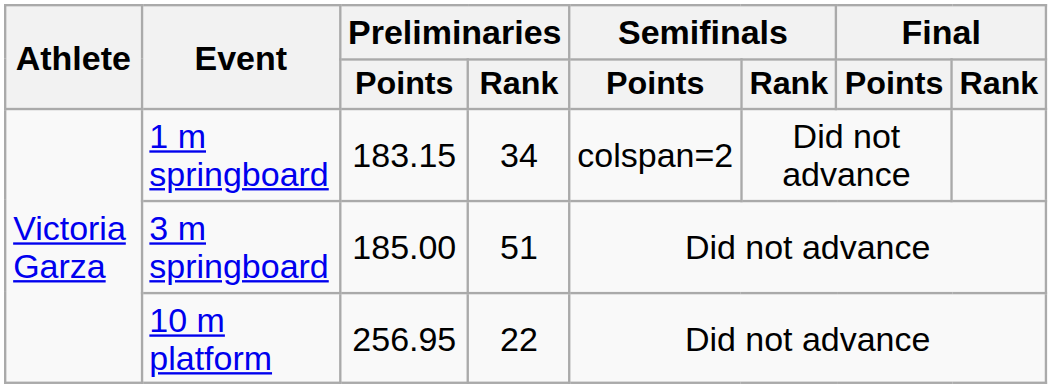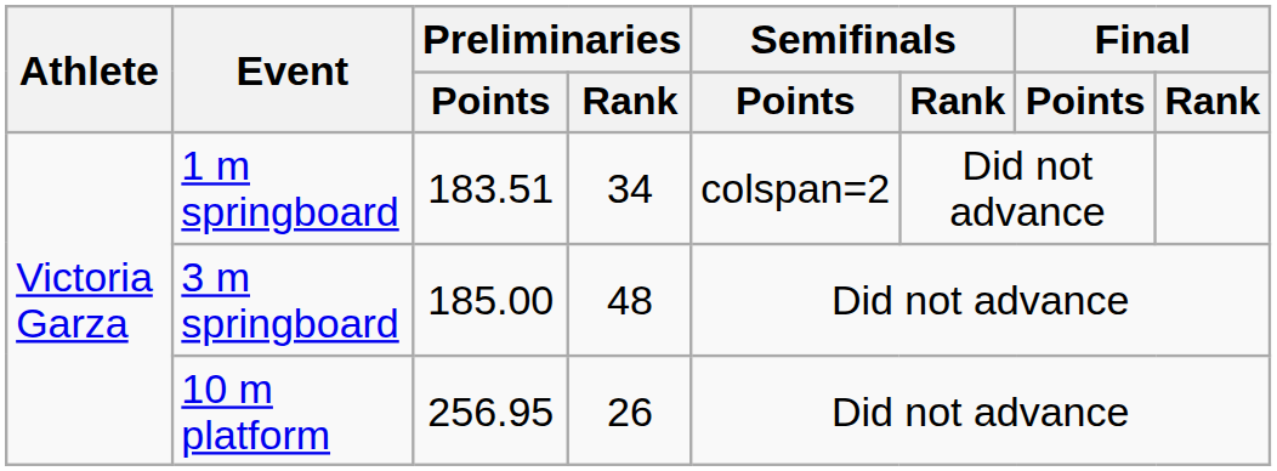 <table class="wikitable" style="text-align:center; font-size:90%; width:50%;">
 <tr>
 <th rowspan=2>Athlete</th>
 <th rowspan=2>Event</th>
 <th colspan=2>Preliminaries</th>
 <th colspan=2>Semifinals</th>
 <th colspan=2>Final</th>
 </tr>
 <tr style="font-size:95%">
 <th>Points</th>
 <th>Rank</th>
 <th>Points</th>
 <th>Rank</th>
 <th>Points</th>
 <th>Rank</th>
 </tr>
 <tr>
 <td align=left rowspan=3><a href='#'>Victoria Garza</a></td>
 <td align=left><a href='#'>1 m springboard</a></td>
-<td>183.15</td>
+<td>183.51</td>
 <td>34</td>
 <td>colspan=2 </td>
 <td colspan=2>Did not advance</td>
 </tr>
 <tr>
 <td align=left><a href='#'>3 m springboard</a></td>
 <td>185.00</td>
-<td>51</td>
+<td>48</td>
 <td colspan=4>Did not advance</td>
 </tr>
 <tr>
 <td align=left><a href='#'>10 m platform</a></td>
 <td>256.95</td>
-<td>22</td>
+<td>26</td>
 <td colspan=4>Did not advance</td>
 </tr>
 </table>
